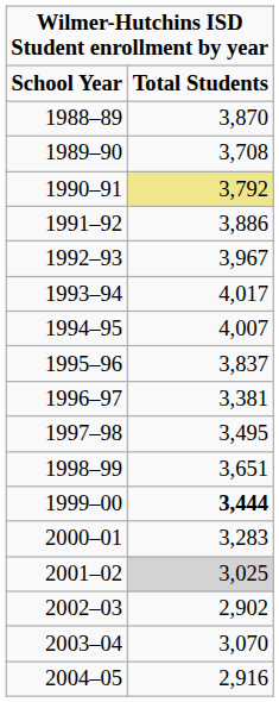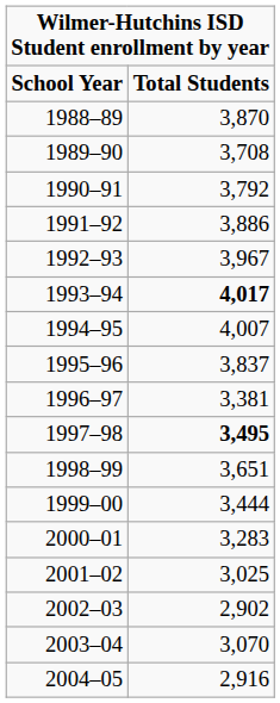 <table class="wikitable" style="float:right; margin-left:3px; text-size:80%; text-align:right">
 <tr>
 <td align=center colspan=4><strong>Wilmer-Hutchins ISD<br>Student enrollment by year </strong></td>
 </tr>
 <tr>
 <td><strong>School Year</strong></td>
 <td><strong>Total Students</strong></td>
 </tr>
 <tr>
 <td>1988–89</td>
 <td>3,870</td>
 </tr>
 <tr>
 <td>1989–90</td>
 <td>3,708</td>
 </tr>
 <tr>
 <td>1990–91</td>
-<td style="background: khaki;">3,792</td>
+<td>3,792</td>
 </tr>
 <tr>
 <td>1991–92</td>
 <td>3,886</td>
 </tr>
 <tr>
 <td>1992–93</td>
 <td>3,967</td>
 </tr>
 <tr>
 <td>1993–94</td>
-<td>4,017</td>
+<td><strong>4,017</strong></td>
 </tr>
 <tr>
 <td>1994–95</td>
 <td>4,007</td>
 </tr>
 <tr>
 <td>1995–96</td>
 <td>3,837</td>
 </tr>
 <tr>
 <td>1996–97</td>
 <td>3,381</td>
 </tr>
 <tr>
 <td>1997–98</td>
-<td>3,495</td>
+<td><strong>3,495</strong></td>
 </tr>
 <tr>
 <td>1998–99</td>
 <td>3,651</td>
 </tr>
 <tr>
 <td>1999–00</td>
-<td><strong>3,444</strong></td>
+<td>3,444</td>
 </tr>
 <tr>
 <td>2000–01</td>
 <td>3,283</td>
 </tr>
 <tr>
 <td>2001–02</td>
-<td style="background: lightgrey;">3,025</td>
+<td>3,025</td>
 </tr>
 <tr>
 <td>2002–03</td>
 <td>2,902</td>
 </tr>
 <tr>
 <td>2003–04</td>
 <td>3,070</td>
 </tr>
 <tr>
 <td>2004–05</td>
 <td>2,916</td>
 </tr>
 </table>
